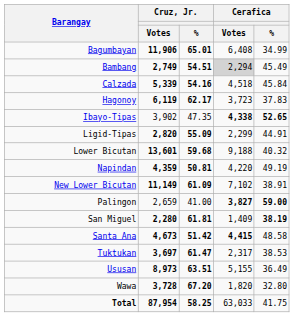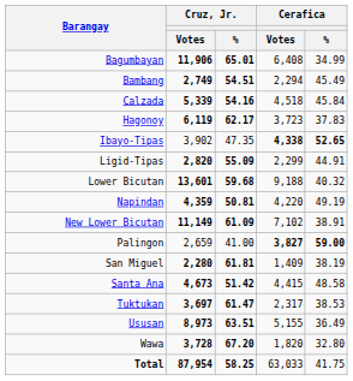 <table class="wikitable collapsible collapsed" style="text-align:right; font-size:95%; line-height:20px;">
 <tr>
 <th rowspan="3" width="200"><a href='#'>Barangay</a></th>
 <th colspan="2" width="110">Cruz, Jr.</th>
 <th colspan="2" width="110">Cerafica</th>
 </tr>
 <tr>
 <th colspan="2" style="background:"></th>
 <th colspan="2" style="background:"></th>
 </tr>
 <tr>
 <th>Votes</th>
 <th>%</th>
 <th>Votes</th>
 <th>%</th>
 </tr>
 <tr>
 <td><a href='#'>Bagumbayan</a></td>
 <td style="background:#"><strong>11,906</strong></td>
 <td style="background:#"><strong>65.01</strong></td>
 <td>6,408</td>
 <td>34.99</td>
 </tr>
 <tr>
 <td><a href='#'>Bambang</a></td>
 <td style="background:#"><strong>2,749</strong></td>
 <td style="background:#"><strong>54.51</strong></td>
-<td style="background: lightgrey;">2,294</td>
+<td>2,294</td>
 <td>45.49</td>
 </tr>
 <tr>
 <td><a href='#'>Calzada</a></td>
 <td style="background:#"><strong>5,339</strong></td>
 <td style="background:#"><strong>54.16</strong></td>
 <td>4,518</td>
 <td>45.84</td>
 </tr>
 <tr>
 <td><a href='#'>Hagonoy</a></td>
 <td style="background:#"><strong>6,119</strong></td>
 <td style="background:#"><strong>62.17</strong></td>
 <td>3,723</td>
 <td>37.83</td>
 </tr>
 <tr>
 <td><a href='#'>Ibayo-Tipas</a></td>
 <td>3,902</td>
 <td>47.35</td>
 <td style="background:#"><strong>4,338</strong></td>
 <td style="background:#"><strong>52.65</strong></td>
 </tr>
 <tr>
 <td>Ligid-Tipas</td>
 <td style="background:#"><strong>2,820</strong></td>
 <td style="background:#"><strong>55.09</strong></td>
 <td>2,299</td>
 <td>44.91</td>
 </tr>
 <tr>
 <td>Lower Bicutan</td>
 <td style="background:#"><strong>13,601</strong></td>
 <td style="background:#"><strong>59.68</strong></td>
 <td>9,188</td>
 <td>40.32</td>
 </tr>
 <tr>
 <td><a href='#'>Napindan</a></td>
 <td style="background:#"><strong>4,359</strong></td>
 <td style="background:#"><strong>50.81</strong></td>
 <td>4,220</td>
 <td>49.19</td>
 </tr>
 <tr>
 <td><a href='#'>New Lower Bicutan</a></td>
 <td style="background:#"><strong>11,149</strong></td>
 <td style="background:#"><strong>61.09</strong></td>
 <td>7,102</td>
 <td>38.91</td>
 </tr>
 <tr>
 <td>Palingon</td>
 <td>2,659</td>
 <td>41.00</td>
 <td style="background:#"><strong>3,827</strong></td>
 <td style="background:#"><strong>59.00</strong></td>
 </tr>
 <tr>
 <td>San Miguel</td>
 <td style="background:#"><strong>2,280</strong></td>
 <td style="background:#"><strong>61.81</strong></td>
 <td>1,409</td>
-<td><strong>38.19</strong></td>
+<td>38.19</td>
 </tr>
 <tr>
 <td><a href='#'>Santa Ana</a></td>
 <td style="background:#"><strong>4,673</strong></td>
 <td style="background:#"><strong>51.42</strong></td>
-<td><strong>4,415</strong></td>
+<td>4,415</td>
 <td>48.58</td>
 </tr>
 <tr>
 <td><a href='#'>Tuktukan</a></td>
 <td style="background:#"><strong>3,697</strong></td>
 <td style="background:#"><strong>61.47</strong></td>
 <td>2,317</td>
 <td>38.53</td>
 </tr>
 <tr>
 <td><a href='#'>Ususan</a></td>
 <td style="background:#"><strong>8,973</strong></td>
 <td style="background:#"><strong>63.51</strong></td>
 <td>5,155</td>
 <td>36.49</td>
 </tr>
 <tr>
 <td>Wawa</td>
 <td style="background:#"><strong>3,728</strong></td>
 <td style="background:#"><strong>67.20</strong></td>
 <td>1,820</td>
 <td>32.80</td>
 </tr>
 <tr>
 <td><strong>Total</strong></td>
 <td style="background:#"><strong>87,954</strong></td>
 <td style="background:#"><strong>58.25</strong></td>
 <td>63,033</td>
 <td>41.75</td>
 </tr>
 </table>
